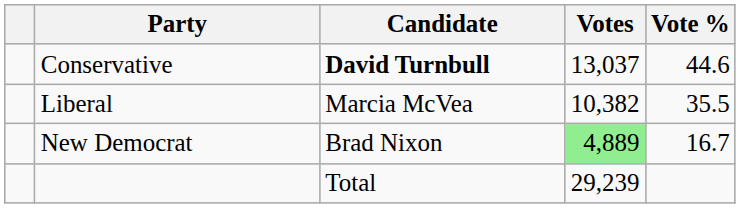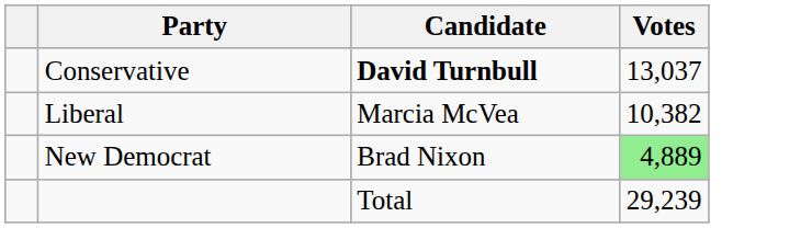 <table class="wikitable">
 <tr>
 <th></th>
 <th scope="col" width="175">Party</th>
 <th scope="col" width="150">Candidate</th>
 <th>Votes</th>
-<th>Vote %</th>
 </tr>
 <tr>
 <td>   </td>
 <td>Conservative</td>
 <td><strong>David Turnbull</strong></td>
 <td align=right>13,037</td>
-<td align=right>44.6</td>
 </tr>
 <tr>
 <td>   </td>
 <td>Liberal</td>
 <td>Marcia McVea</td>
 <td align=right>10,382</td>
-<td align=right>35.5</td>
 </tr>
 <tr>
 <td>   </td>
 <td>New Democrat</td>
 <td>Brad Nixon</td>
 <td align=right style="background: lightgreen;">4,889</td>
-<td align=right>16.7<br> </td>
 </tr>
 <tr |>
 <td></td>
 <td></td>
 <td>Total</td>
 <td align=right>29,239</td>
-<td></td>
 </tr>
 </table>
